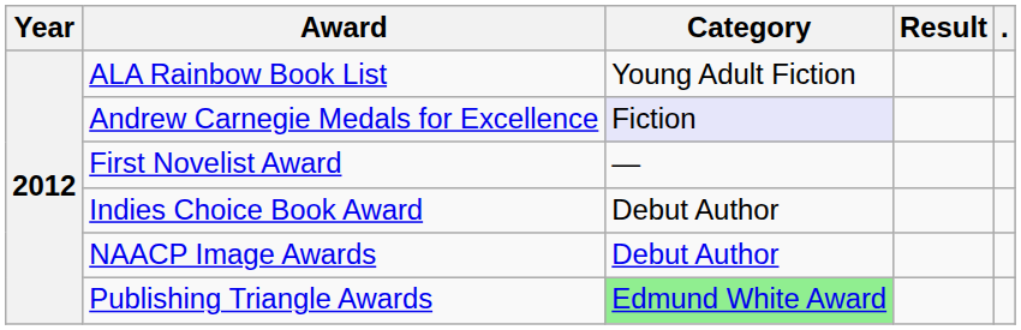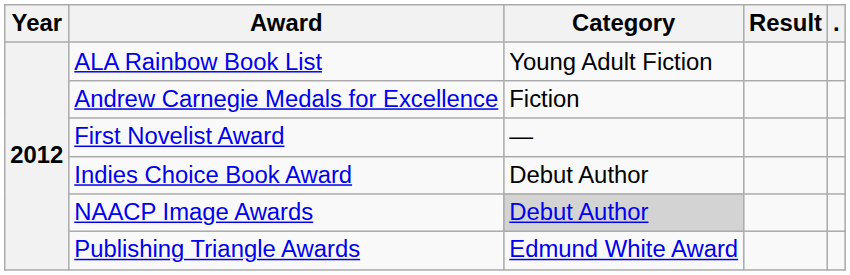 <table class="wikitable sortable">
 <tr>
 <th>Year</th>
 <th>Award</th>
 <th>Category</th>
 <th>Result</th>
 <th>.</th>
 </tr>
 <tr>
 <th rowspan="6">2012</th>
 <td><a href='#'>ALA Rainbow Book List</a></td>
 <td>Young Adult Fiction</td>
 <td></td>
 <td></td>
 </tr>
 <tr>
 <td><a href='#'>Andrew Carnegie Medals for Excellence</a></td>
-<td style="background: lavender;">Fiction</td>
+<td>Fiction</td>
 <td></td>
 <td></td>
 </tr>
 <tr>
 <td><a href='#'>First Novelist Award</a></td>
 <td>—</td>
 <td></td>
 <td></td>
 </tr>
 <tr>
 <td><a href='#'>Indies Choice Book Award</a></td>
 <td>Debut Author</td>
 <td></td>
 <td></td>
 </tr>
 <tr>
 <td><a href='#'>NAACP Image Awards</a></td>
-<td><a href='#'>Debut Author</a></td>
+<td style="background: lightgrey;"><a href='#'>Debut Author</a></td>
 <td></td>
 <td></td>
 </tr>
 <tr>
 <td><a href='#'>Publishing Triangle Awards</a></td>
-<td style="background: lightgreen;"><a href='#'>Edmund White Award</a></td>
+<td><a href='#'>Edmund White Award</a></td>
 <td></td>
 <td></td>
 </tr>
 </table>
